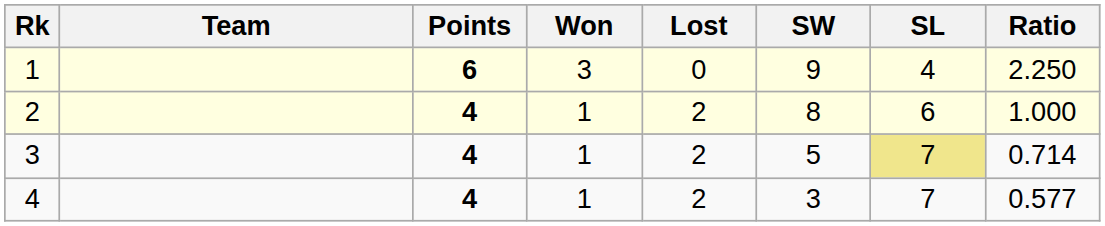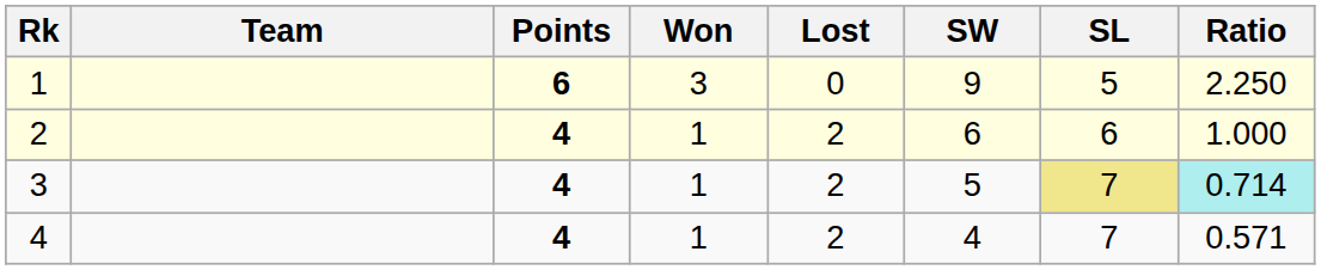 <table class=wikitable style="text-align:center">
 <tr bgcolor="#DCDCDC">
 <th width="25">Rk</th>
 <th width="200">Team</th>
 <th width="60">Points</th>
 <th width="60">Won</th>
 <th width="60">Lost</th>
 <th width="60">SW</th>
 <th width="60">SL</th>
 <th width="60">Ratio</th>
 </tr>
 <tr bgcolor=lightyellow>
 <td>1</td>
 <td align=left></td>
 <td><strong>6</strong></td>
 <td>3</td>
 <td>0</td>
 <td>9</td>
-<td>4</td>
+<td>5</td>
 <td>2.250</td>
 </tr>
 <tr bgcolor=lightyellow>
 <td>2</td>
 <td align=left></td>
 <td><strong>4</strong></td>
 <td>1</td>
 <td>2</td>
-<td>8</td>
+<td>6</td>
 <td>6</td>
 <td>1.000</td>
 </tr>
 <tr>
 <td>3</td>
 <td align=left></td>
 <td><strong>4</strong></td>
 <td>1</td>
 <td>2</td>
 <td>5</td>
 <td style="background: khaki;">7</td>
-<td>0.714</td>
+<td style="background: paleturquoise;">0.714</td>
 </tr>
 <tr>
 <td>4</td>
 <td align=left></td>
 <td><strong>4</strong></td>
 <td>1</td>
 <td>2</td>
-<td>3</td>
+<td>4</td>
 <td>7</td>
-<td>0.577</td>
+<td>0.571</td>
 </tr>
 </table>
